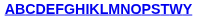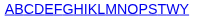 <table id="toc" class="toc" summary="Class">
 <tr>
 <th></th>
 </tr>
 <tr>
-<td style="text-align:center;"><strong><a href='#'>A</a><a href='#'>B</a><a href='#'>C</a><a href='#'>D</a><a href='#'>E</a><a href='#'>F</a><a href='#'>G</a><a href='#'>H</a><a href='#'>I</a><a href='#'>K</a><a href='#'>L</a><a href='#'>M</a><a href='#'>N</a><a href='#'>O</a><a href='#'>P</a><a href='#'>S</a><a href='#'>T</a><a href='#'>W</a><a href='#'>Y</a></strong></td>
+<td style="text-align:center;"><a href='#'>A</a><a href='#'>B</a><a href='#'>C</a><a href='#'>D</a><a href='#'>E</a><a href='#'>F</a><a href='#'>G</a><a href='#'>H</a><a href='#'>I</a><a href='#'>K</a><a href='#'>L</a><a href='#'>M</a><a href='#'>N</a><a href='#'>O</a><a href='#'>P</a><a href='#'>S</a><a href='#'>T</a><a href='#'>W</a><a href='#'>Y</a></td>
 </tr>
 </table>
